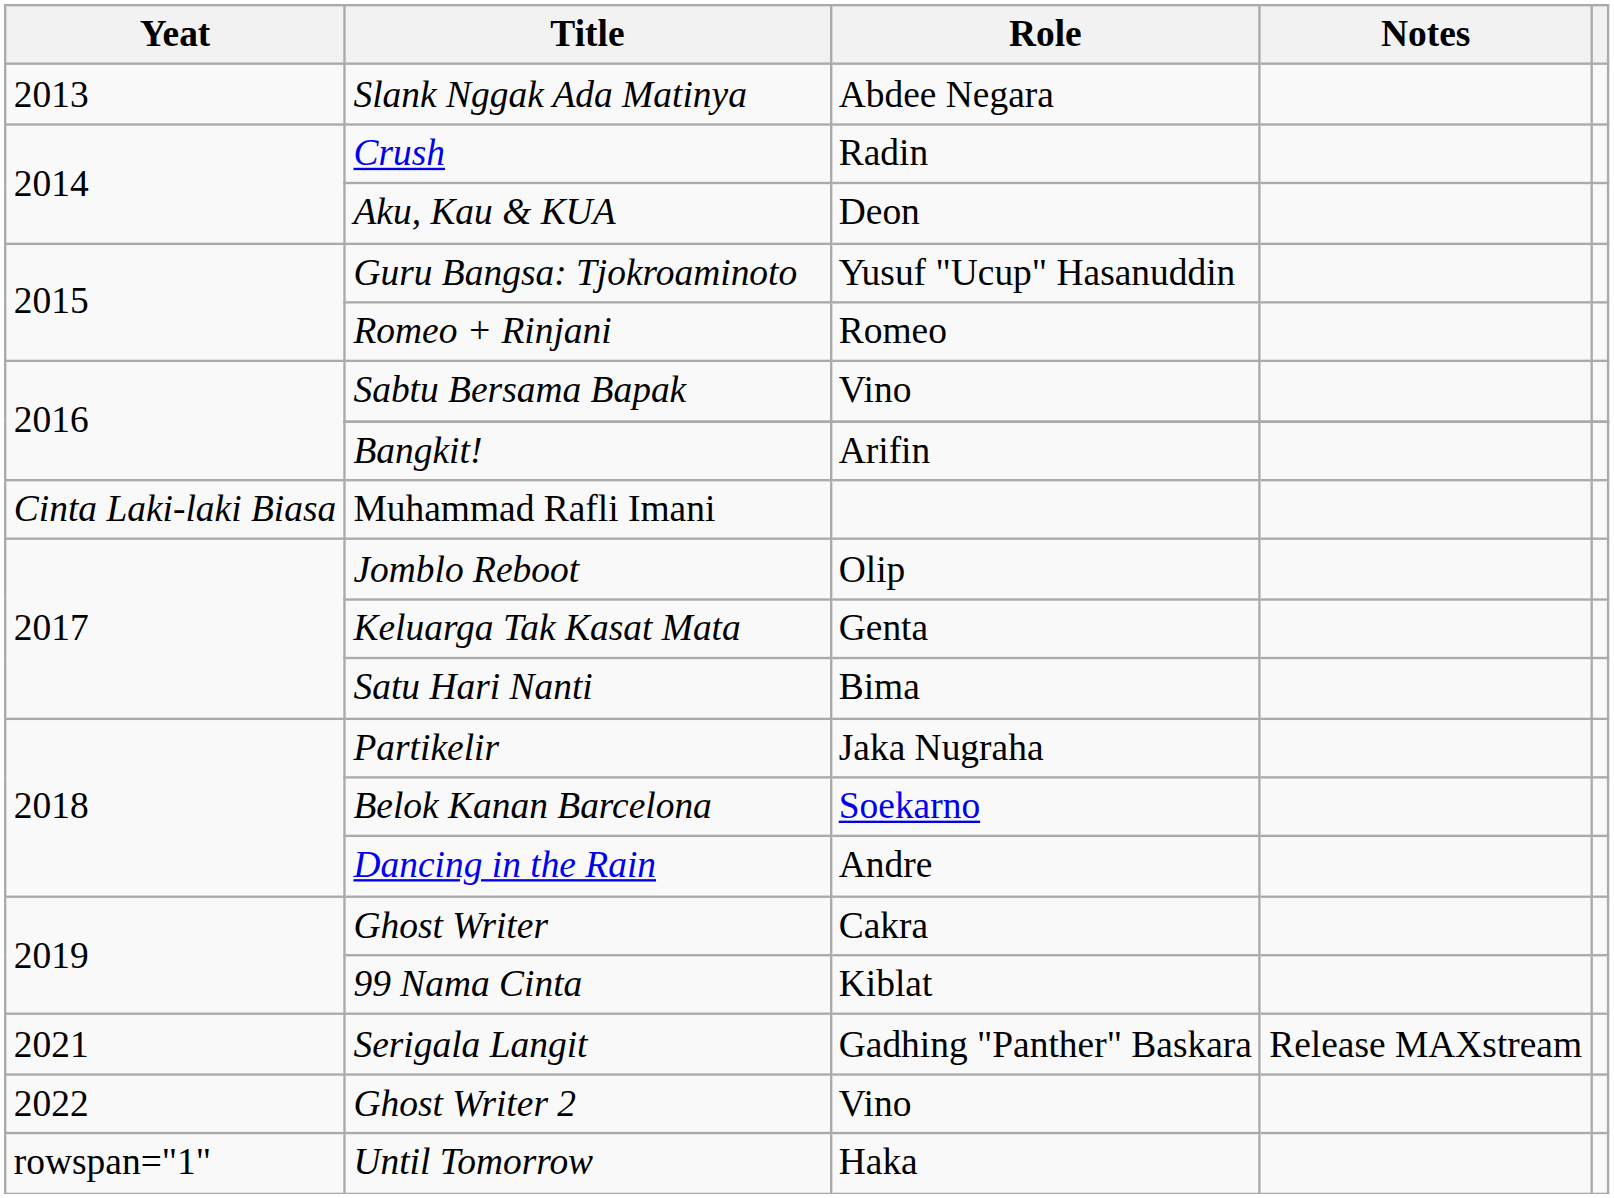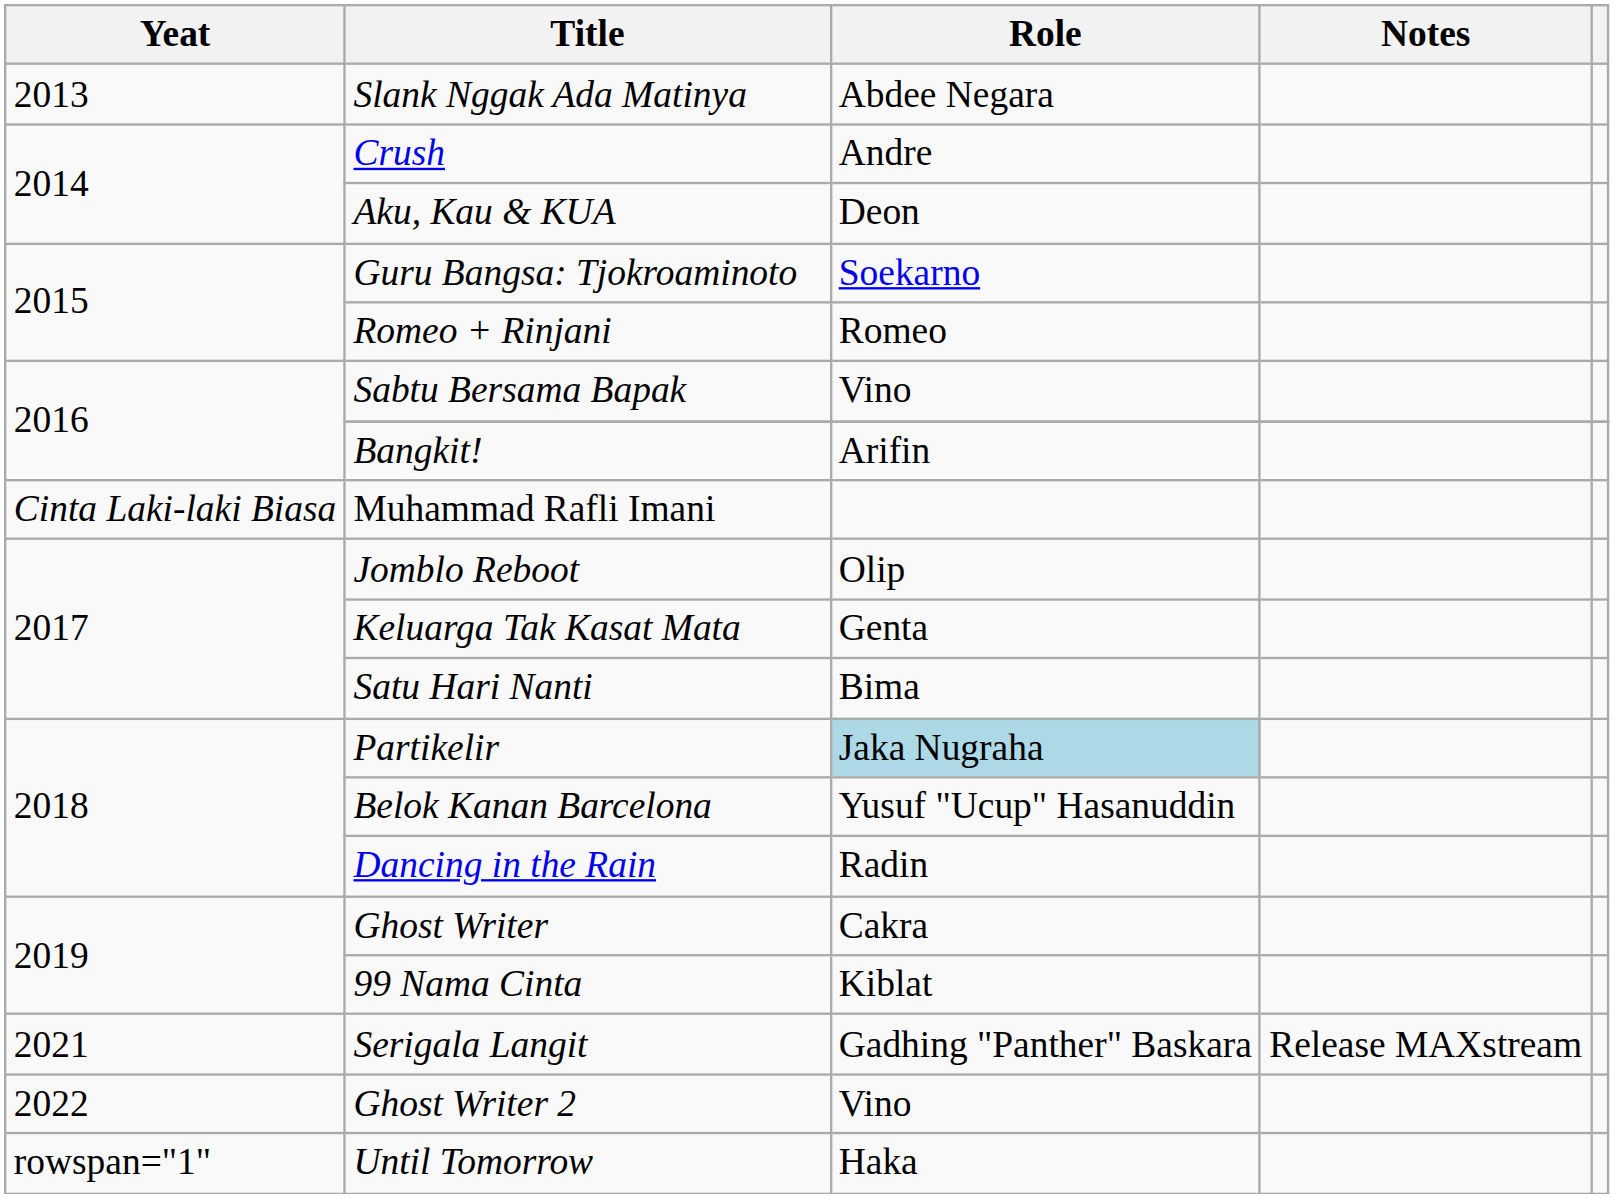 <table class="wikitable unsortable">
 <tr>
 <th>Yeat</th>
 <th style="width:200px;">Title</th>
 <th>Role</th>
 <th>Notes</th>
 <th></th>
 </tr>
 <tr>
 <td>2013</td>
 <td><em>Slank Nggak Ada Matinya</em></td>
 <td>Abdee Negara</td>
 <td></td>
 <td></td>
 </tr>
 <tr>
 <td rowspan="2">2014</td>
 <td><em><a href='#'>Crush</a></em></td>
-<td>Radin</td>
+<td>Andre</td>
 <td></td>
 <td></td>
 </tr>
 <tr>
 <td><em>Aku, Kau & KUA</em></td>
 <td>Deon</td>
 <td></td>
 <td></td>
 </tr>
 <tr>
 <td rowspan="2">2015</td>
 <td><em>Guru Bangsa: Tjokroaminoto</em></td>
-<td>Yusuf "Ucup" Hasanuddin</td>
+<td><a href='#'>Soekarno</a></td>
 <td></td>
 <td></td>
 </tr>
 <tr>
 <td><em>Romeo + Rinjani</em></td>
 <td>Romeo</td>
 <td></td>
 <td></td>
 </tr>
 <tr>
 <td rowspan="3">2016</td>
 <td><em>Sabtu Bersama Bapak</em></td>
 <td>Vino</td>
 <td></td>
 <td></td>
 </tr>
 <tr>
 </tr>
 <tr>
 <td><em>Bangkit!</em></td>
 <td>Arifin</td>
 <td></td>
 <td></td>
 </tr>
 <tr>
 <td><em>Cinta Laki-laki Biasa</em></td>
 <td>Muhammad Rafli Imani</td>
 <td></td>
 <td></td>
 </tr>
 <tr>
 <td rowspan="3">2017</td>
 <td><em>Jomblo Reboot</em></td>
 <td>Olip</td>
 <td></td>
 <td></td>
 </tr>
 <tr>
 <td><em>Keluarga Tak Kasat Mata</em></td>
 <td>Genta</td>
 <td></td>
 <td></td>
 </tr>
 <tr>
 <td><em>Satu Hari Nanti</em></td>
 <td>Bima</td>
 <td></td>
 <td></td>
 </tr>
 <tr>
 <td rowspan="3">2018</td>
 <td><em>Partikelir</em></td>
-<td>Jaka Nugraha</td>
+<td style="background: lightblue;">Jaka Nugraha</td>
 <td></td>
 <td></td>
 </tr>
 <tr>
 <td><em>Belok Kanan Barcelona</em></td>
-<td><a href='#'>Soekarno</a></td>
+<td>Yusuf "Ucup" Hasanuddin</td>
 <td></td>
 <td></td>
 </tr>
 <tr>
 <td><em><a href='#'>Dancing in the Rain</a></em></td>
-<td>Andre</td>
+<td>Radin</td>
 <td></td>
 <td></td>
 </tr>
 <tr>
 <td rowspan="2">2019</td>
 <td><em>Ghost Writer</em></td>
 <td>Cakra</td>
 <td></td>
 <td></td>
 </tr>
 <tr>
 <td><em>99 Nama Cinta</em></td>
 <td>Kiblat</td>
 <td></td>
 <td></td>
 </tr>
 <tr>
 <td rowspan="1">2021</td>
 <td><em>Serigala Langit</em></td>
 <td>Gadhing "Panther" Baskara</td>
 <td>Release MAXstream</td>
 <td></td>
 </tr>
 <tr>
 <td rowspan="1">2022</td>
 <td><em>Ghost Writer 2</em></td>
 <td>Vino</td>
 <td></td>
 <td></td>
 </tr>
 <tr>
 <td>rowspan="1" </td>
 <td><em>Until Tomorrow</em></td>
 <td>Haka</td>
 <td></td>
 <td></td>
 </tr>
 </table>
